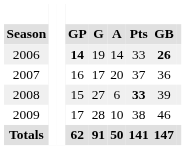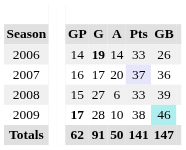 <table BORDER="0" CELLPADDING="3" CELLSPACING="0">
 <tr ALIGN="center" bgcolor="#e0e0e0">
 <th colspan="1" bgcolor="#ffffff"> </th>
 <th rowspan="99" bgcolor="#ffffff"> </th>
 <th rowspan="99" bgcolor="#ffffff"> </th>
 </tr>
 <tr ALIGN="center" bgcolor="#e0e0e0">
 <th>Season</th>
 <th>GP</th>
 <th>G</th>
 <th>A</th>
 <th>Pts</th>
 <th>GB</th>
 <th></th>
 </tr>
 <tr ALIGN="center" bgcolor="#f0f0f0">
 <td>2006</td>
-<td><strong>14</strong></td>
-<td>19</td>
+<td>14</td>
+<td><strong>19</strong></td>
 <td>14</td>
 <td>33</td>
-<td><strong>26</strong></td>
+<td>26</td>
 <td></td>
 </tr>
 <tr ALIGN="center">
 <td>2007</td>
 <td>16</td>
 <td>17</td>
 <td>20</td>
-<td>37</td>
+<td style="background: lavender;">37</td>
 <td>36</td>
 <td></td>
 </tr>
 <tr ALIGN="center" bgcolor="#f0f0f0">
 <td>2008</td>
 <td>15</td>
 <td>27</td>
 <td>6</td>
-<td><strong>33</strong></td>
+<td>33</td>
 <td>39</td>
 <td></td>
 </tr>
 <tr ALIGN="center">
 <td>2009</td>
-<td>17</td>
+<td><strong>17</strong></td>
 <td>28</td>
 <td>10</td>
 <td>38</td>
-<td>46</td>
+<td style="background: paleturquoise;">46</td>
 <td></td>
 </tr>
 <tr ALIGN="center" bgcolor="#e0e0e0">
 <th colspan="1.5">Totals</th>
 <th>62</th>
 <th>91</th>
 <th>50</th>
 <th>141</th>
 <th>147</th>
 <th></th>
 </tr>
 </table>
